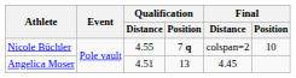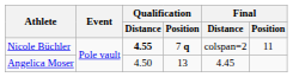 <table class=wikitable style="font-size:90%">
 <tr>
 <th rowspan="2">Athlete</th>
 <th rowspan="2">Event</th>
 <th colspan="2">Qualification</th>
 <th colspan="2">Final</th>
 </tr>
 <tr style="font-size:95%">
 <th>Distance</th>
 <th>Position</th>
 <th>Distance</th>
 <th>Position</th>
 </tr>
 <tr style=text-align:center>
 <td style=text-align:left><a href='#'>Nicole Büchler</a></td>
 <td style=text-align:left rowspan=2><a href='#'>Pole vault</a></td>
-<td>4.55</td>
+<td><strong>4.55</strong></td>
 <td>7 <strong>q</strong></td>
 <td>colspan=2 </td>
-<td>10</td>
+<td>11</td>
 </tr>
 <tr style=text-align:center>
 <td style=text-align:left><a href='#'>Angelica Moser</a></td>
-<td>4.51</td>
+<td>4.50</td>
 <td>13</td>
 <td>4.45</td>
 </tr>
 </table>
